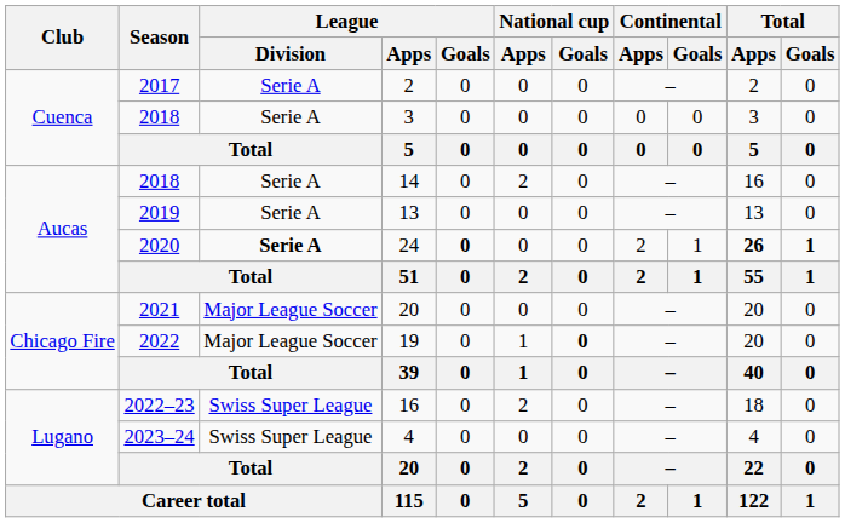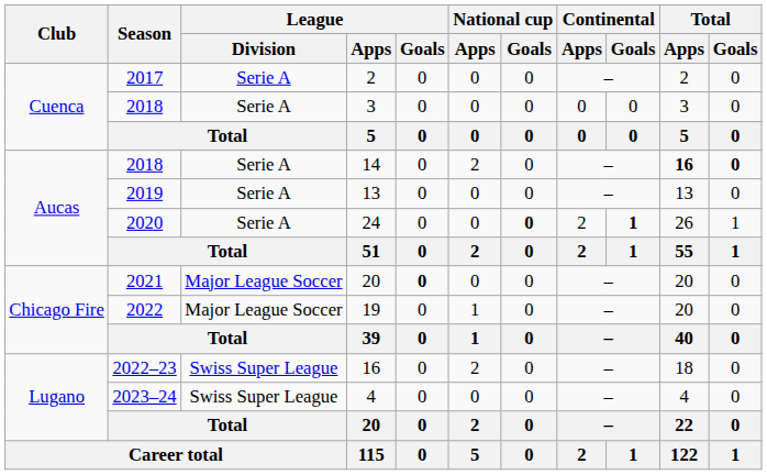 <table class=wikitable style=text-align:center>
 <tr>
 <th rowspan=2>Club</th>
 <th rowspan=2>Season</th>
 <th colspan=3>League</th>
 <th colspan=2>National cup</th>
 <th colspan=2>Continental</th>
 <th colspan=2>Total</th>
 </tr>
 <tr>
 <th>Division</th>
 <th>Apps</th>
 <th>Goals</th>
 <th>Apps</th>
 <th>Goals</th>
 <th>Apps</th>
 <th>Goals</th>
 <th>Apps</th>
 <th>Goals</th>
 </tr>
 <tr>
 <td rowspan=3><a href='#'>Cuenca</a></td>
 <td><a href='#'>2017</a></td>
 <td><a href='#'>Serie A</a></td>
 <td>2</td>
 <td>0</td>
 <td>0</td>
 <td>0</td>
 <td colspan="2">–</td>
 <td>2</td>
 <td>0</td>
 </tr>
 <tr>
 <td><a href='#'>2018</a></td>
 <td>Serie A</td>
 <td>3</td>
 <td>0</td>
 <td>0</td>
 <td>0</td>
 <td>0</td>
 <td>0</td>
 <td>3</td>
 <td>0</td>
 </tr>
 <tr>
 <th colspan=2>Total</th>
 <th>5</th>
 <th>0</th>
 <th>0</th>
 <th>0</th>
 <th>0</th>
 <th>0</th>
 <th>5</th>
 <th>0</th>
 </tr>
 <tr>
 <td rowspan=4><a href='#'>Aucas</a></td>
 <td><a href='#'>2018</a></td>
 <td>Serie A</td>
 <td>14</td>
 <td>0</td>
 <td>2</td>
 <td>0</td>
 <td colspan="2">–</td>
-<td>16</td>
-<td>0</td>
+<td><strong>16</strong></td>
+<td><strong>0</strong></td>
 </tr>
 <tr>
 <td><a href='#'>2019</a></td>
 <td>Serie A</td>
 <td>13</td>
 <td>0</td>
 <td>0</td>
 <td>0</td>
 <td colspan="2">–</td>
 <td>13</td>
 <td>0</td>
 </tr>
 <tr>
 <td><a href='#'>2020</a></td>
-<td><strong>Serie A</strong></td>
+<td>Serie A</td>
 <td>24</td>
-<td><strong>0</strong></td>
 <td>0</td>
 <td>0</td>
+<td><strong>0</strong></td>
 <td>2</td>
+<td><strong>1</strong></td>
+<td>26</td>
 <td>1</td>
-<td><strong>26</strong></td>
-<td><strong>1</strong></td>
 </tr>
 <tr>
 <th colspan="2">Total</th>
 <th>51</th>
 <th>0</th>
 <th>2</th>
 <th>0</th>
 <th>2</th>
 <th>1</th>
 <th>55</th>
 <th>1</th>
 </tr>
 <tr>
 <td rowspan="3"><a href='#'>Chicago Fire</a></td>
 <td><a href='#'>2021</a></td>
 <td><a href='#'>Major League Soccer</a></td>
 <td>20</td>
-<td>0</td>
+<td><strong>0</strong></td>
 <td>0</td>
 <td>0</td>
 <td colspan="2">–</td>
 <td>20</td>
 <td>0</td>
 </tr>
 <tr>
 <td><a href='#'>2022</a></td>
 <td>Major League Soccer</td>
 <td>19</td>
 <td>0</td>
 <td>1</td>
-<td><strong>0</strong></td>
+<td>0</td>
 <td colspan="2">–</td>
 <td>20</td>
 <td>0</td>
 </tr>
 <tr>
 <th colspan="2">Total</th>
 <th>39</th>
 <th>0</th>
 <th>1</th>
 <th>0</th>
 <th colspan="2">–</th>
 <th>40</th>
 <th>0</th>
 </tr>
 <tr>
 <td rowspan="3"><a href='#'>Lugano</a></td>
 <td><a href='#'>2022–23</a></td>
 <td><a href='#'>Swiss Super League</a></td>
 <td>16</td>
 <td>0</td>
 <td>2</td>
 <td>0</td>
 <td colspan="2">–</td>
 <td>18</td>
 <td>0</td>
 </tr>
 <tr>
 <td><a href='#'>2023–24</a></td>
 <td>Swiss Super League</td>
 <td>4</td>
 <td>0</td>
 <td>0</td>
 <td>0</td>
 <td colspan="2">–</td>
 <td>4</td>
 <td>0</td>
 </tr>
 <tr>
 <th colspan="2">Total</th>
 <th>20</th>
 <th>0</th>
 <th>2</th>
 <th>0</th>
 <th colspan="2">–</th>
 <th>22</th>
 <th>0</th>
 </tr>
 <tr>
 <th colspan="3">Career total</th>
 <th>115</th>
 <th>0</th>
 <th>5</th>
 <th>0</th>
 <th>2</th>
 <th>1</th>
 <th>122</th>
 <th>1</th>
 </tr>
 </table>
